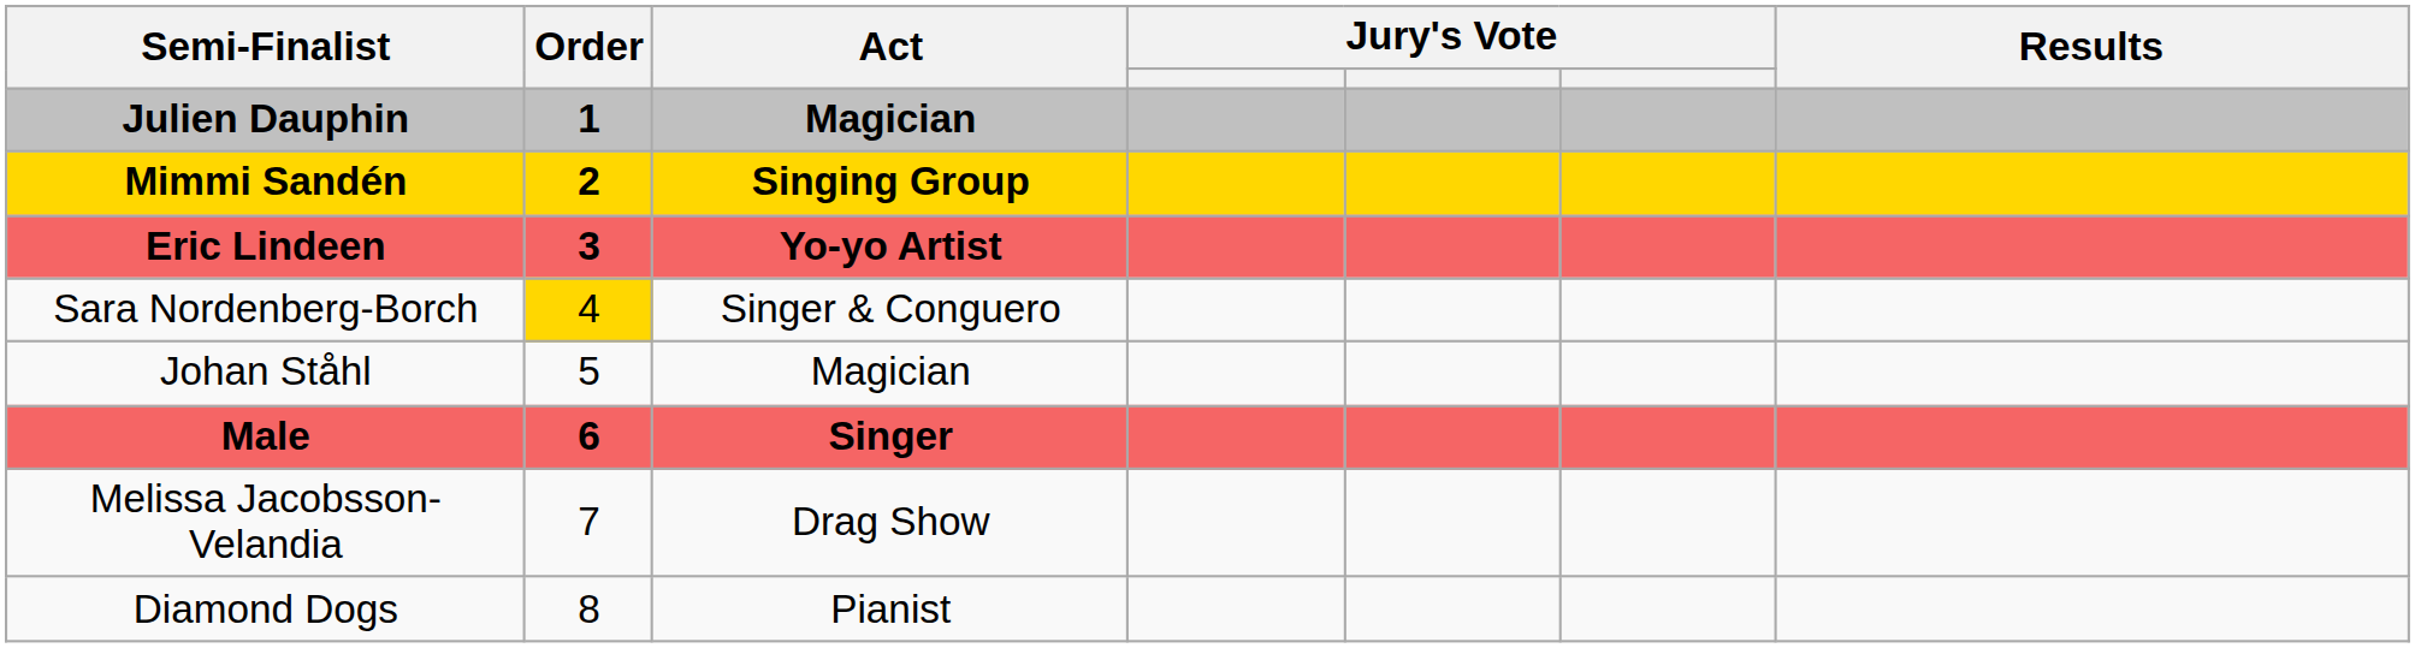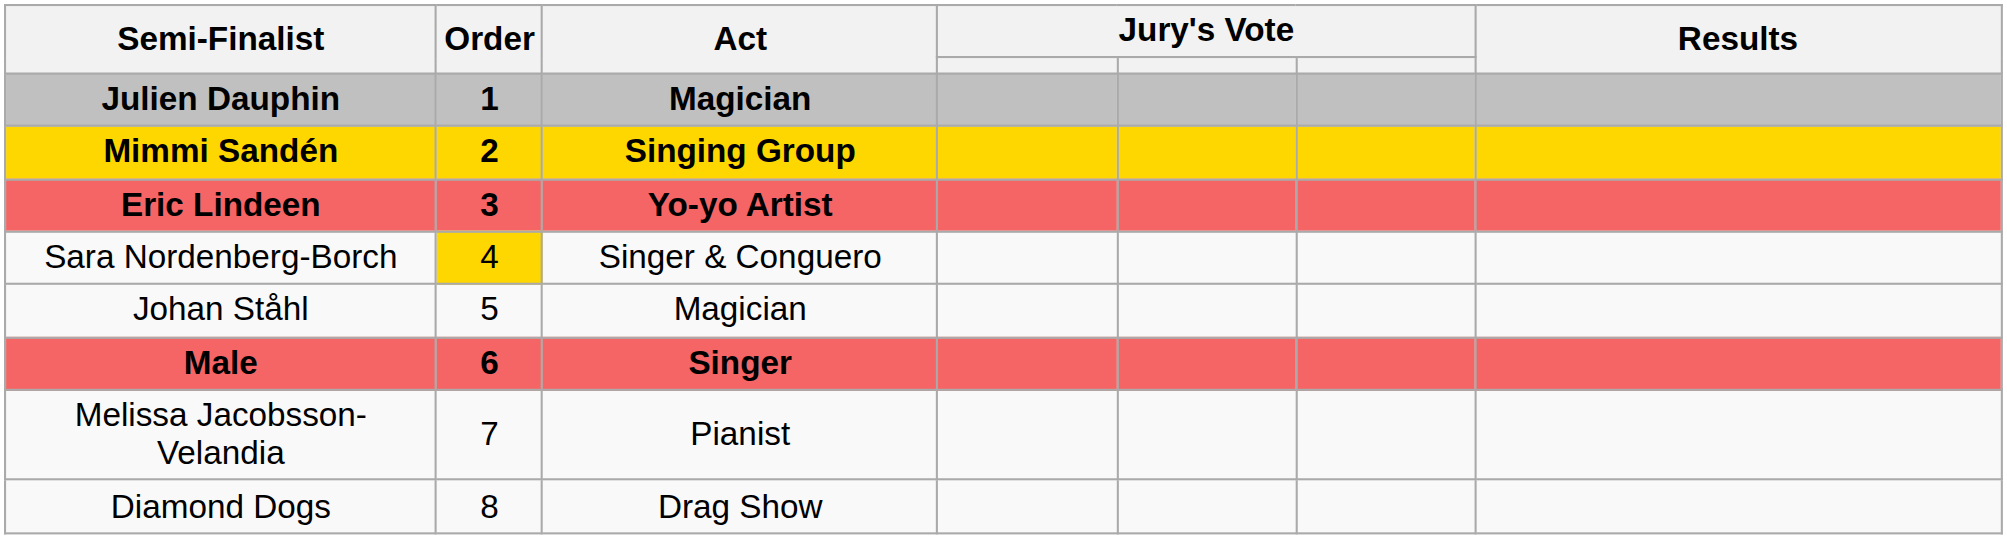 <table class="wikitable plainrowheaders sortable" style="text-align:center" width="76%;">
 <tr>
 <th scope="col" rowspan="2" class="unsortable" style="width:17em;">Semi-Finalist</th>
 <th scope="col" rowspan="2" style="width:1em;">Order</th>
 <th scope="col" rowspan="2" class="unsortable" style="width:16em;">Act</th>
 <th scope="col" colspan="3" class="unsortable" style="width:24em;">Jury's Vote</th>
 <th scope="col" rowspan="2" style="width:23em;">Results</th>
 </tr>
 <tr>
 <th scope="col" class="unsortable" style="width:6em;"></th>
 <th scope="col" class="unsortable" style="width:6em;"></th>
 <th scope="col" class="unsortable" style="width:6em;"></th>
 </tr>
 <tr style="background:silver;">
 <td><strong>Julien Dauphin</strong></td>
 <td><strong>1</strong></td>
 <td><strong>Magician</strong></td>
 <td style="text-align:center;"></td>
 <td style="text-align:center;"></td>
 <td style="text-align:center;"></td>
 <td><strong></strong></td>
 </tr>
 <tr style="background:gold;">
 <td><strong>Mimmi Sandén</strong></td>
 <td><strong>2</strong></td>
 <td><strong>Singing Group</strong></td>
 <td style="text-align:center;"></td>
 <td style="text-align:center;"></td>
 <td style="text-align:center;"></td>
 <td><strong></strong></td>
 </tr>
 <tr style="background:#F56565">
 <td><strong>Eric Lindeen</strong></td>
 <td><strong>3</strong></td>
 <td><strong>Yo-yo Artist</strong></td>
 <td style="text-align:center;"></td>
 <td style="text-align:center;"></td>
 <td style="text-align:center;"></td>
 <td></td>
 </tr>
 <tr>
 <td>Sara Nordenberg-Borch</td>
 <td style="background: gold;">4</td>
 <td>Singer & Conguero</td>
 <td style="text-align:center;"></td>
 <td style="text-align:center;"></td>
 <td style="text-align:center;"></td>
 <td></td>
 </tr>
 <tr>
 <td>Johan Ståhl</td>
 <td>5</td>
 <td>Magician</td>
 <td style="text-align:center;"></td>
 <td style="text-align:center;"></td>
 <td style="text-align:center;"></td>
 <td></td>
 </tr>
 <tr style="background:#F56565">
 <td><strong>Male</strong></td>
 <td><strong>6</strong></td>
 <td><strong>Singer</strong></td>
 <td style="text-align:center;"></td>
 <td style="text-align:center;"></td>
 <td style="text-align:center;"></td>
 <td></td>
 </tr>
 <tr>
 <td>Melissa Jacobsson-Velandia</td>
 <td>7</td>
-<td>Drag Show</td>
+<td>Pianist</td>
 <td style="text-align:center;"></td>
 <td style="text-align:center;"></td>
 <td style="text-align:center;"></td>
 <td></td>
 </tr>
 <tr>
 <td>Diamond Dogs</td>
 <td>8</td>
-<td>Pianist</td>
+<td>Drag Show</td>
 <td style="text-align:center;"></td>
 <td style="text-align:center;"></td>
 <td style="text-align:center;"></td>
 <td></td>
 </tr>
 </table>
